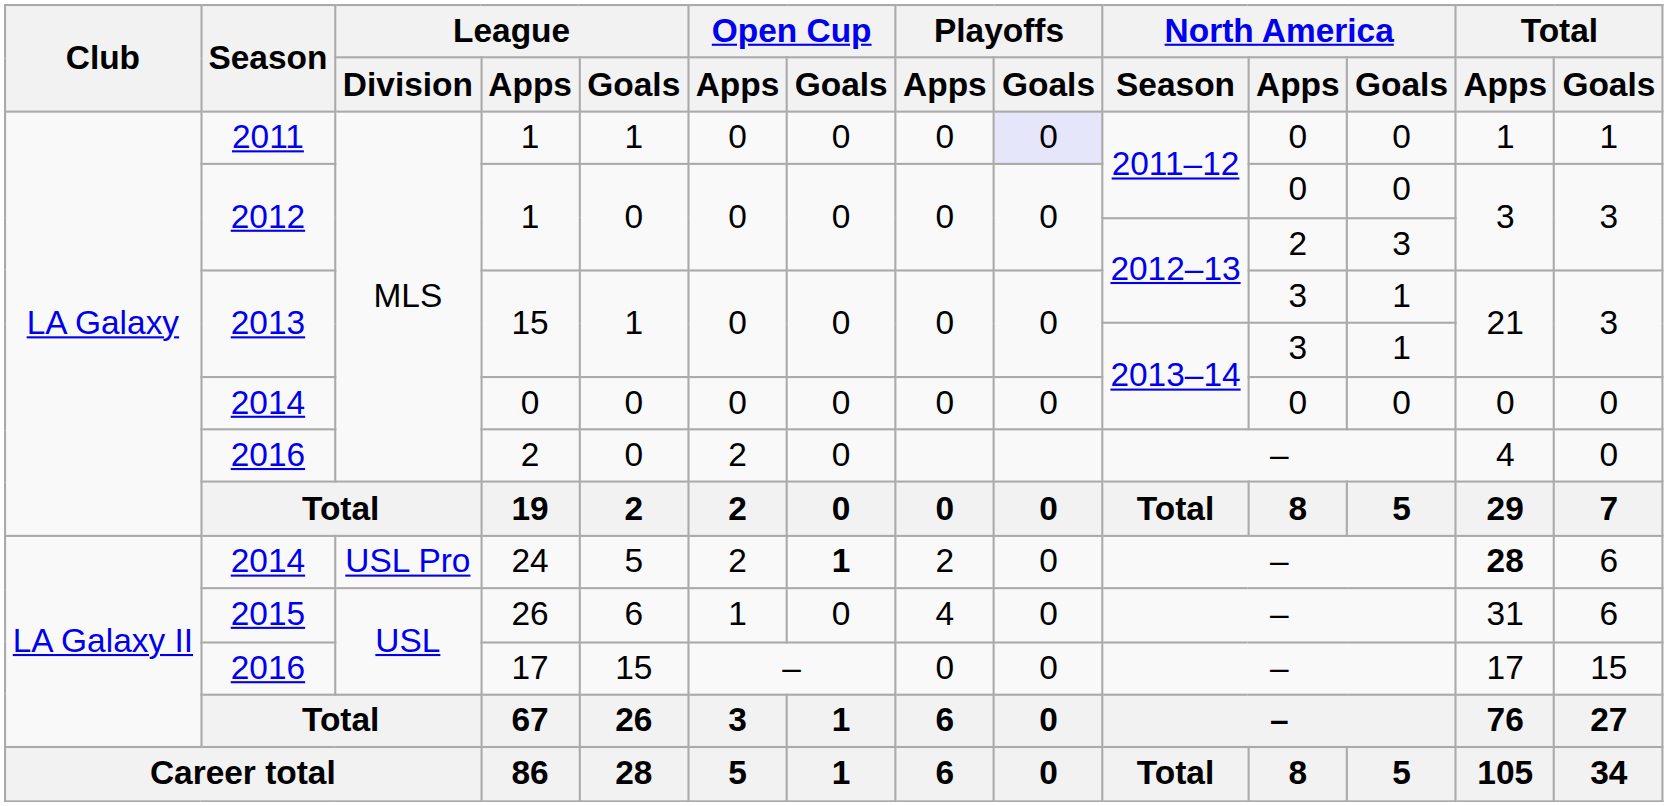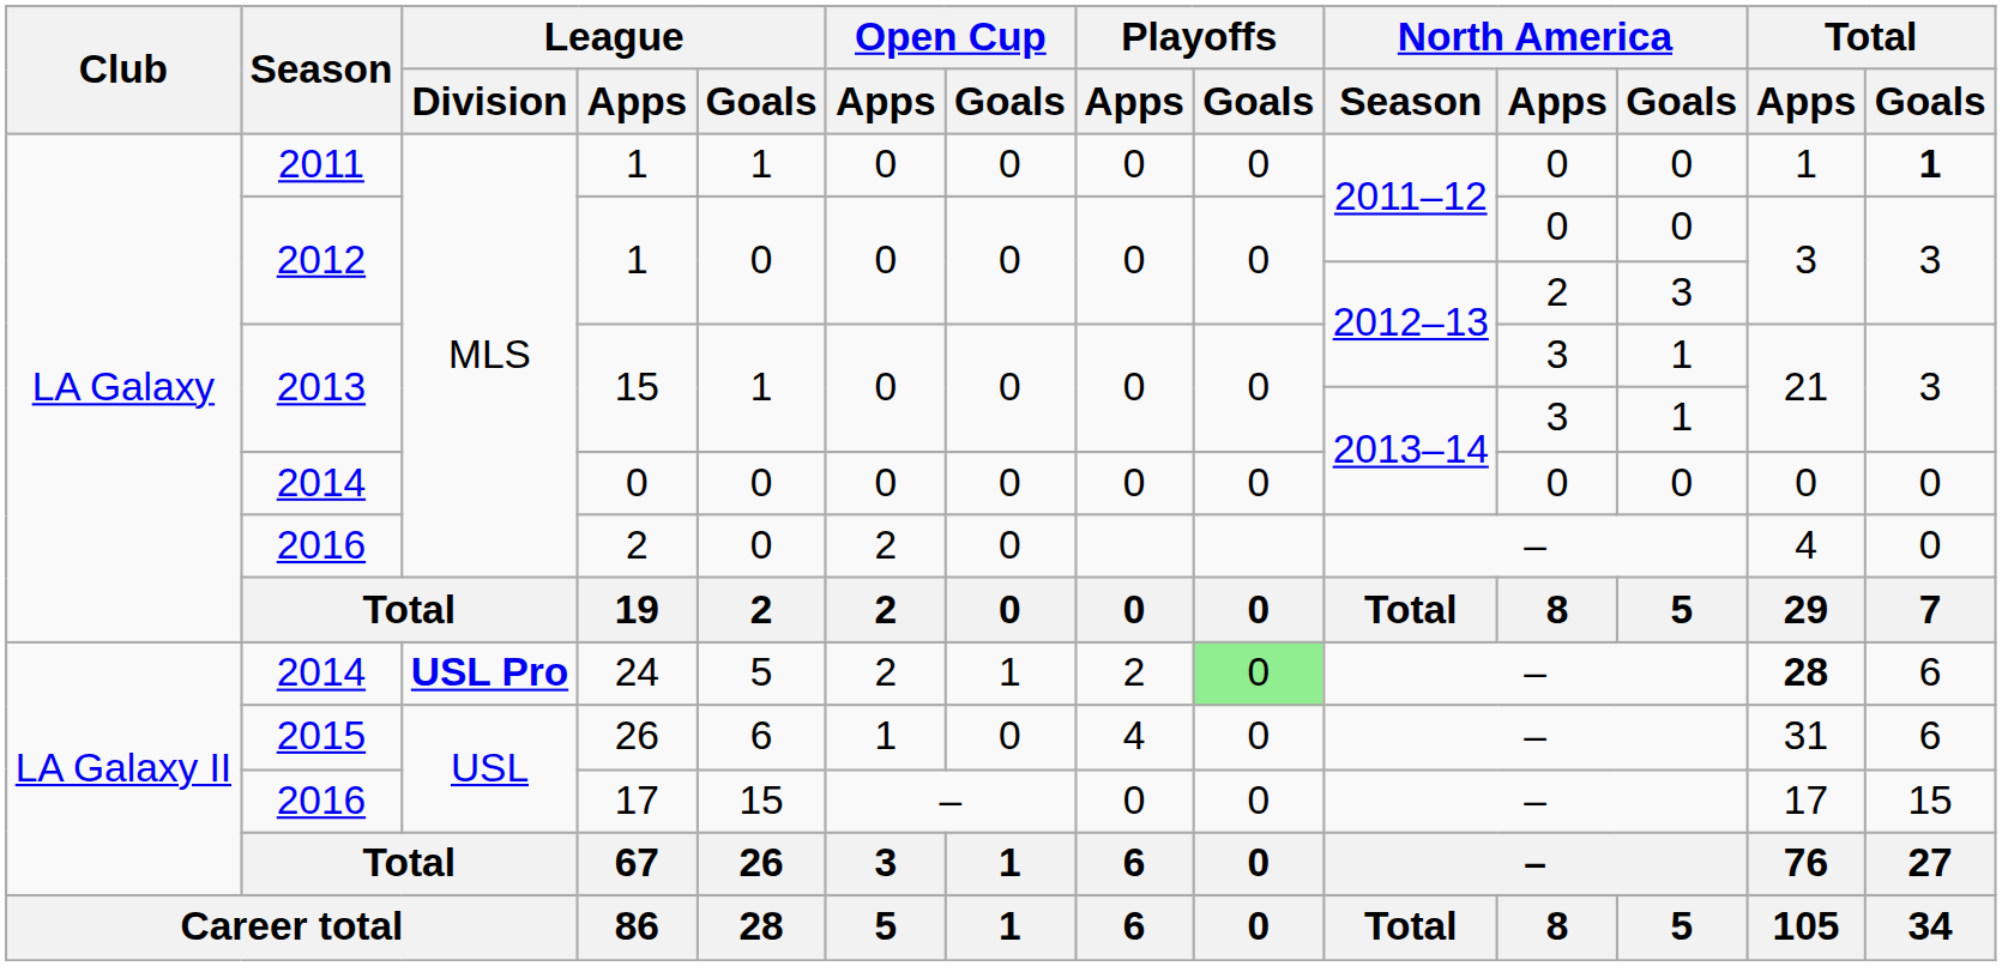 <table class="wikitable" style="text-align:center">
 <tr>
 <th rowspan="2">Club</th>
 <th rowspan="2">Season</th>
 <th colspan="3">League</th>
 <th colspan="2"><a href='#'>Open Cup</a></th>
 <th colspan="2">Playoffs</th>
 <th colspan="3"><a href='#'>North America</a></th>
 <th colspan="2">Total</th>
 </tr>
 <tr>
 <th>Division</th>
 <th>Apps</th>
 <th>Goals</th>
 <th>Apps</th>
 <th>Goals</th>
 <th>Apps</th>
 <th>Goals</th>
 <th>Season</th>
 <th>Apps</th>
 <th>Goals</th>
 <th>Apps</th>
 <th>Goals</th>
 </tr>
 <tr>
 <td rowspan="8"><a href='#'>LA Galaxy</a></td>
 <td><a href='#'>2011</a></td>
 <td rowspan="7">MLS</td>
 <td>1</td>
 <td>1</td>
 <td>0</td>
 <td>0</td>
 <td>0</td>
-<td style="background: lavender;">0</td>
+<td>0</td>
 <td rowspan="2"><a href='#'>2011–12</a></td>
 <td>0</td>
 <td>0</td>
 <td>1</td>
-<td>1</td>
+<td><strong>1</strong></td>
 </tr>
 <tr>
 <td rowspan="2"><a href='#'>2012</a></td>
 <td rowspan="2">1</td>
 <td rowspan="2">0</td>
 <td rowspan="2">0</td>
 <td rowspan="2">0</td>
 <td rowspan="2">0</td>
 <td rowspan="2">0</td>
 <td>0</td>
 <td>0</td>
 <td rowspan="2">3</td>
 <td rowspan="2">3</td>
 </tr>
 <tr>
 <td rowspan="2"><a href='#'>2012–13</a></td>
 <td>2</td>
 <td>3</td>
 </tr>
 <tr>
 <td rowspan="2"><a href='#'>2013</a></td>
 <td rowspan="2">15</td>
 <td rowspan="2">1</td>
 <td rowspan="2">0</td>
 <td rowspan="2">0</td>
 <td rowspan="2">0</td>
 <td rowspan="2">0</td>
 <td>3</td>
 <td>1</td>
 <td rowspan="2">21</td>
 <td rowspan="2">3</td>
 </tr>
 <tr>
 <td rowspan="2"><a href='#'>2013–14</a></td>
 <td>3</td>
 <td>1</td>
 </tr>
 <tr>
 <td><a href='#'>2014</a></td>
 <td>0</td>
 <td>0</td>
 <td>0</td>
 <td>0</td>
 <td>0</td>
 <td>0</td>
 <td>0</td>
 <td>0</td>
 <td>0</td>
 <td>0</td>
 </tr>
 <tr>
 <td><a href='#'>2016</a></td>
 <td>2</td>
 <td>0</td>
 <td>2</td>
 <td>0</td>
 <td> </td>
 <td> </td>
 <td colspan="3">–</td>
 <td>4</td>
 <td>0</td>
 </tr>
 <tr>
 <th colspan="2“">Total</th>
 <th>19</th>
 <th>2</th>
 <th>2</th>
 <th>0</th>
 <th>0</th>
 <th>0</th>
 <th>Total</th>
 <th>8</th>
 <th>5</th>
 <th>29</th>
 <th>7</th>
 </tr>
 <tr>
 <td rowspan="4"><a href='#'>LA Galaxy II</a></td>
 <td><a href='#'>2014</a></td>
-<td><a href='#'>USL Pro</a></td>
+<td><strong><a href='#'>USL Pro</a></strong></td>
 <td>24</td>
 <td>5</td>
 <td>2</td>
-<td><strong>1</strong></td>
+<td>1</td>
 <td>2</td>
-<td>0</td>
+<td style="background: lightgreen;">0</td>
 <td colspan="3">–</td>
 <td><strong>28</strong></td>
 <td>6</td>
 </tr>
 <tr>
 <td><a href='#'>2015</a></td>
 <td rowspan="2"><a href='#'>USL</a></td>
 <td>26</td>
 <td>6</td>
 <td>1</td>
 <td>0</td>
 <td>4</td>
 <td>0</td>
 <td colspan="3">–</td>
 <td>31</td>
 <td>6</td>
 </tr>
 <tr>
 <td><a href='#'>2016</a></td>
 <td>17</td>
 <td>15</td>
 <td colspan="2">–</td>
 <td>0</td>
 <td>0</td>
 <td colspan="3">–</td>
 <td>17</td>
 <td>15</td>
 </tr>
 <tr>
 <th colspan="2">Total</th>
 <th>67</th>
 <th>26</th>
 <th>3</th>
 <th>1</th>
 <th>6</th>
 <th>0</th>
 <th colspan="3">–</th>
 <th>76</th>
 <th>27</th>
 </tr>
 <tr>
 <th colspan="3">Career total</th>
 <th>86</th>
 <th>28</th>
 <th>5</th>
 <th>1</th>
 <th>6</th>
 <th>0</th>
 <th>Total</th>
 <th>8</th>
 <th>5</th>
 <th>105</th>
 <th>34</th>
 </tr>
 </table>
